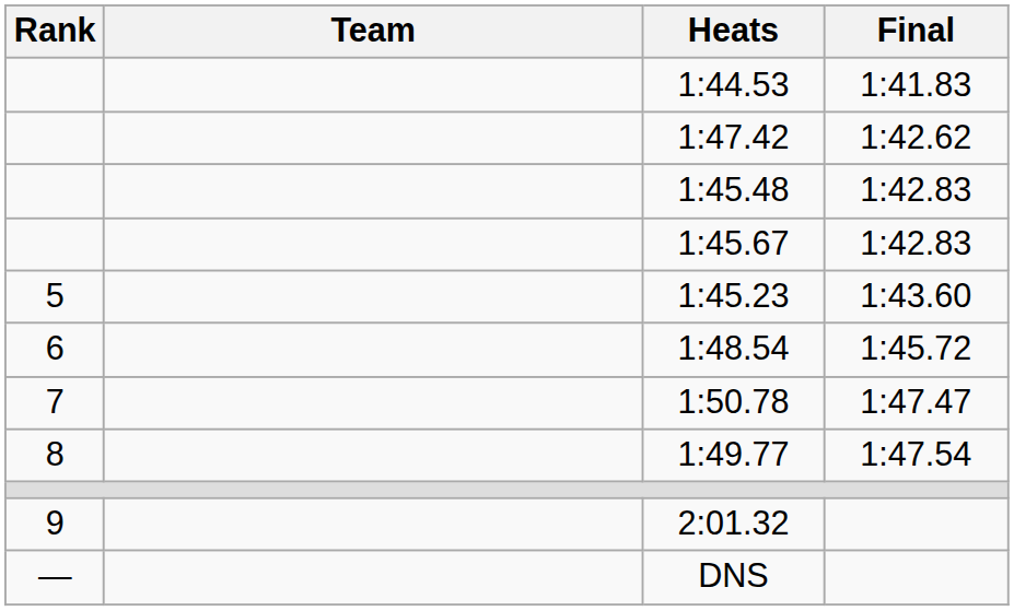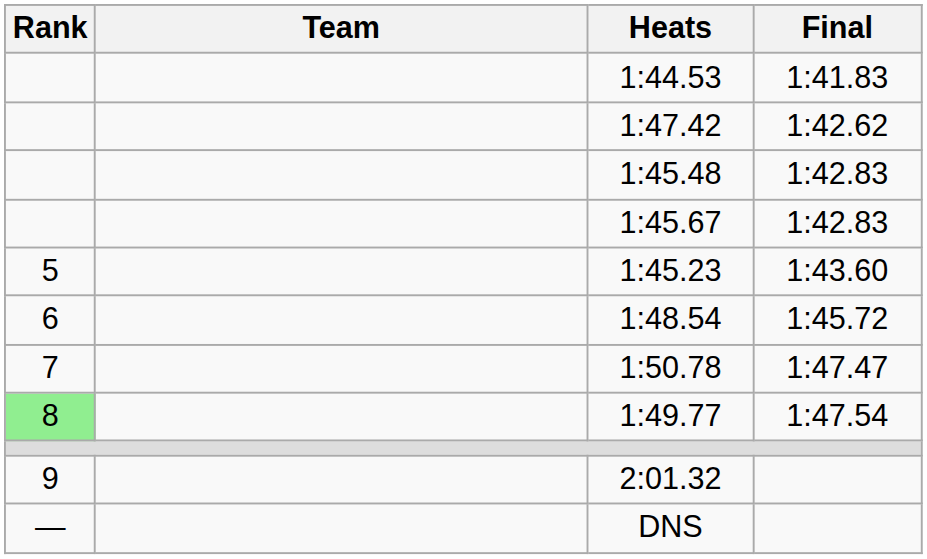 <table class=wikitable style="text-align:center">
 <tr>
 <th width=40>Rank</th>
 <th width=250>Team</th>
 <th width=80>Heats</th>
 <th width=80>Final</th>
 </tr>
 <tr>
 <td></td>
 <td align=left></td>
 <td>1:44.53</td>
 <td>1:41.83</td>
 </tr>
 <tr>
 <td></td>
 <td align=left></td>
 <td>1:47.42</td>
 <td>1:42.62</td>
 </tr>
 <tr>
 <td></td>
 <td align=left></td>
 <td>1:45.48</td>
 <td>1:42.83</td>
 </tr>
 <tr>
 <td></td>
 <td align=left></td>
 <td>1:45.67</td>
 <td>1:42.83</td>
 </tr>
 <tr>
 <td>5</td>
 <td align=left></td>
 <td>1:45.23</td>
 <td>1:43.60</td>
 </tr>
 <tr>
 <td>6</td>
 <td align=left></td>
 <td>1:48.54</td>
 <td>1:45.72</td>
 </tr>
 <tr>
 <td>7</td>
 <td align=left></td>
 <td>1:50.78</td>
 <td>1:47.47</td>
 </tr>
 <tr>
-<td>8</td>
+<td style="background: lightgreen;">8</td>
 <td align=left></td>
 <td>1:49.77</td>
 <td>1:47.54</td>
 </tr>
 <tr bgcolor=#DDDDDD>
 <td colspan=4></td>
 </tr>
 <tr>
 <td>9</td>
 <td align=left></td>
 <td>2:01.32</td>
 <td></td>
 </tr>
 <tr>
 <td>—</td>
 <td align=left></td>
 <td>DNS</td>
 <td></td>
 </tr>
 </table>
